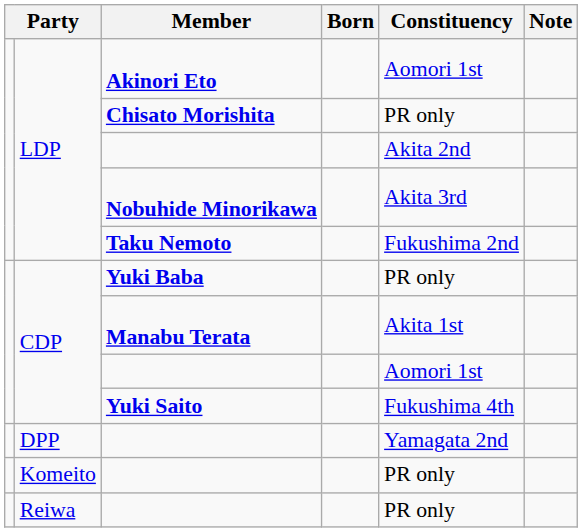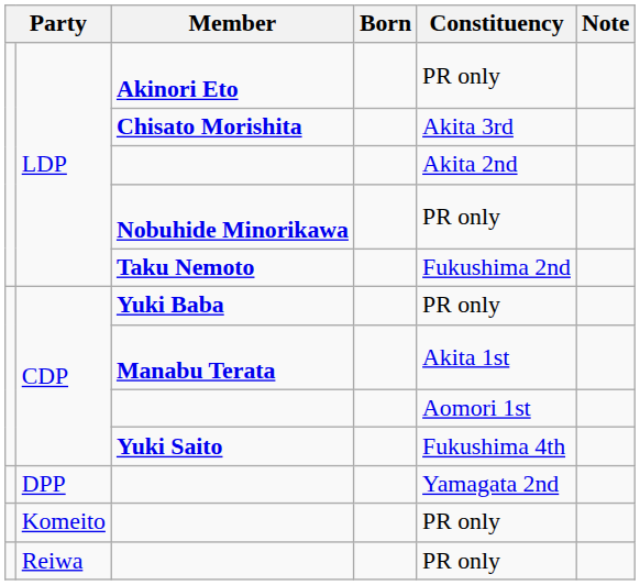 <table class="wikitable">
 <tr style="vertical-align:bottom">
 <th colspan=2>Party</th>
 <th>Member</th>
 <th>Born</th>
 <th>Constituency</th>
 <th>Note</th>
 </tr>
 <tr>
 <td rowspan=5 style="background-color:"></td>
 <td rowspan=5><a href='#'>LDP</a></td>
 <td><br><strong><a href='#'>Akinori Eto</a></strong></td>
 <td></td>
-<td><a href='#'>Aomori 1st</a></td>
+<td>PR only</td>
 <td></td>
 </tr>
 <tr>
 <td><strong><a href='#'>Chisato Morishita</a></strong></td>
 <td></td>
-<td>PR only</td>
+<td><a href='#'>Akita 3rd</a></td>
 <td></td>
 </tr>
 <tr>
 <td><br><strong></strong></td>
 <td></td>
 <td><a href='#'>Akita 2nd</a></td>
 <td></td>
 </tr>
 <tr>
 <td><br><strong><a href='#'>Nobuhide Minorikawa</a></strong></td>
 <td></td>
-<td><a href='#'>Akita 3rd</a></td>
+<td>PR only</td>
 <td></td>
 </tr>
 <tr>
 <td><strong><a href='#'>Taku Nemoto</a></strong></td>
 <td></td>
 <td><a href='#'>Fukushima 2nd</a></td>
 <td></td>
 </tr>
 <tr>
 <td rowspan=4 style="background-color:"></td>
 <td rowspan=4><a href='#'>CDP</a></td>
 <td><strong><a href='#'>Yuki Baba</a></strong></td>
 <td></td>
 <td>PR only</td>
 <td></td>
 </tr>
 <tr>
 <td><br><strong><a href='#'>Manabu Terata</a></strong></td>
 <td></td>
 <td><a href='#'>Akita 1st</a></td>
 <td></td>
 </tr>
 <tr>
 <td><strong></strong></td>
 <td></td>
 <td><a href='#'>Aomori 1st</a></td>
 <td></td>
 </tr>
 <tr>
 <td><strong><a href='#'>Yuki Saito</a></strong></td>
 <td></td>
 <td><a href='#'>Fukushima 4th</a></td>
 <td></td>
 </tr>
 <tr>
 <td style="background-color:"></td>
 <td><a href='#'>DPP</a></td>
 <td><strong></strong></td>
 <td></td>
 <td><a href='#'>Yamagata 2nd</a></td>
 <td></td>
 </tr>
 <tr>
 <td style="background-color:"></td>
 <td><a href='#'>Komeito</a></td>
 <td><br><strong></strong></td>
 <td></td>
 <td>PR only</td>
 <td></td>
 </tr>
 <tr>
 <td style="background-color:"></td>
 <td><a href='#'>Reiwa</a></td>
 <td><strong></strong></td>
 <td></td>
 <td>PR only</td>
 <td></td>
 </tr>
 </table>
